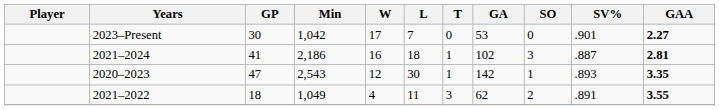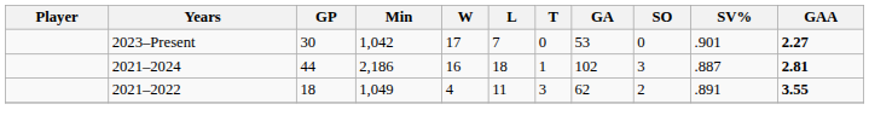 <table class="wikitable sortable" width = 900>
 <tr>
 <th>Player</th>
 <th>Years</th>
 <th>GP</th>
 <th>Min</th>
 <th>W</th>
 <th>L</th>
 <th>T</th>
 <th>GA</th>
 <th>SO</th>
 <th>SV%</th>
 <th>GAA</th>
 </tr>
 <tr>
 <td></td>
 <td>2023–Present</td>
 <td>30</td>
 <td>1,042</td>
 <td>17</td>
 <td>7</td>
 <td>0</td>
 <td>53</td>
 <td>0</td>
 <td>.901</td>
 <td><strong>2.27</strong></td>
 </tr>
 <tr>
 <td></td>
 <td>2021–2024</td>
-<td>41</td>
+<td>44</td>
 <td>2,186</td>
 <td>16</td>
 <td>18</td>
 <td>1</td>
 <td>102</td>
 <td>3</td>
 <td>.887</td>
 <td><strong>2.81</strong></td>
-</tr>
-<tr>
-<td></td>
-<td>2020–2023</td>
-<td>47</td>
-<td>2,543</td>
-<td>12</td>
-<td>30</td>
-<td>1</td>
-<td>142</td>
-<td>1</td>
-<td>.893</td>
-<td><strong>3.35</strong></td>
 </tr>
 <tr>
 <td></td>
 <td>2021–2022</td>
 <td>18</td>
 <td>1,049</td>
 <td>4</td>
 <td>11</td>
 <td>3</td>
 <td>62</td>
 <td>2</td>
 <td>.891</td>
 <td><strong>3.55</strong></td>
 </tr>
 <tr>
 </tr>
 </table>
